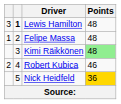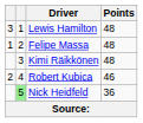 <table class="wikitable" style="font-size: 85%;">
 <tr>
 <th></th>
 <th></th>
 <th>Driver</th>
 <th>Points</th>
 </tr>
 <tr>
 <td> 3</td>
-<td align="center"><strong>1</strong></td>
+<td align="center">1</td>
 <td> <a href='#'>Lewis Hamilton</a></td>
 <td>48</td>
 </tr>
 <tr>
 <td> 1</td>
 <td align="center">2</td>
 <td> <a href='#'>Felipe Massa</a></td>
 <td>48</td>
 </tr>
 <tr>
 <td></td>
 <td align="center">3</td>
 <td> <a href='#'>Kimi Räikkönen</a></td>
-<td style="background: lightgreen;">48</td>
+<td>48</td>
 </tr>
 <tr>
 <td> 2</td>
 <td align="center">4</td>
 <td> <a href='#'>Robert Kubica</a></td>
 <td>46</td>
 </tr>
 <tr>
 <td></td>
-<td align="center">5</td>
+<td align="center" style="background: lightgreen;">5</td>
 <td> <a href='#'>Nick Heidfeld</a></td>
-<td style="background: gold;">36</td>
+<td>36</td>
 </tr>
 <tr>
 <th colspan=4>Source:</th>
 </tr>
 </table>
